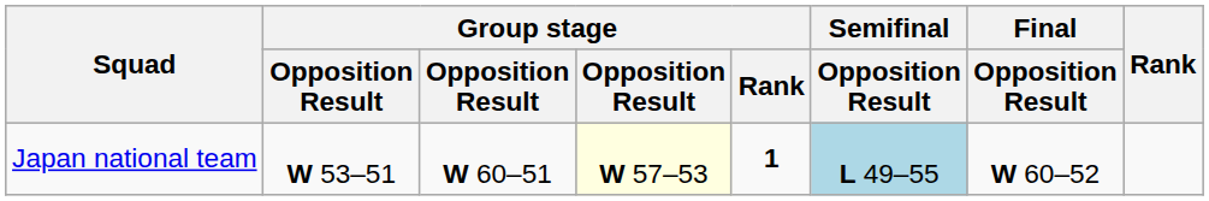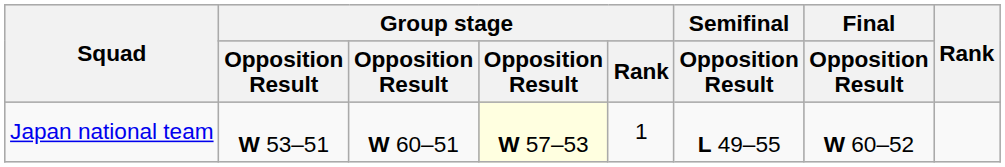 <table class=wikitable style="font-size:90%">
 <tr>
 <th rowspan="2">Squad</th>
 <th colspan="4">Group stage</th>
 <th>Semifinal</th>
 <th>Final</th>
 <th rowspan="2">Rank</th>
 </tr>
 <tr>
 <th>Opposition<br>Result</th>
 <th>Opposition<br>Result</th>
 <th>Opposition<br>Result</th>
 <th>Rank</th>
 <th>Opposition<br>Result</th>
 <th>Opposition<br>Result</th>
 </tr>
 <tr align=center>
 <td align=left><a href='#'>Japan national team</a></td>
 <td><br><strong>W</strong> 53–51</td>
 <td><br><strong>W</strong> 60–51</td>
 <td style="background: lightyellow;"><br><strong>W</strong> 57–53</td>
-<td><strong>1</strong></td>
-<td style="background: lightblue;"><br><strong>L</strong> 49–55</td>
+<td>1</td>
+<td><br><strong>L</strong> 49–55</td>
 <td><br><strong>W</strong> 60–52</td>
 <td></td>
 </tr>
 </table>
